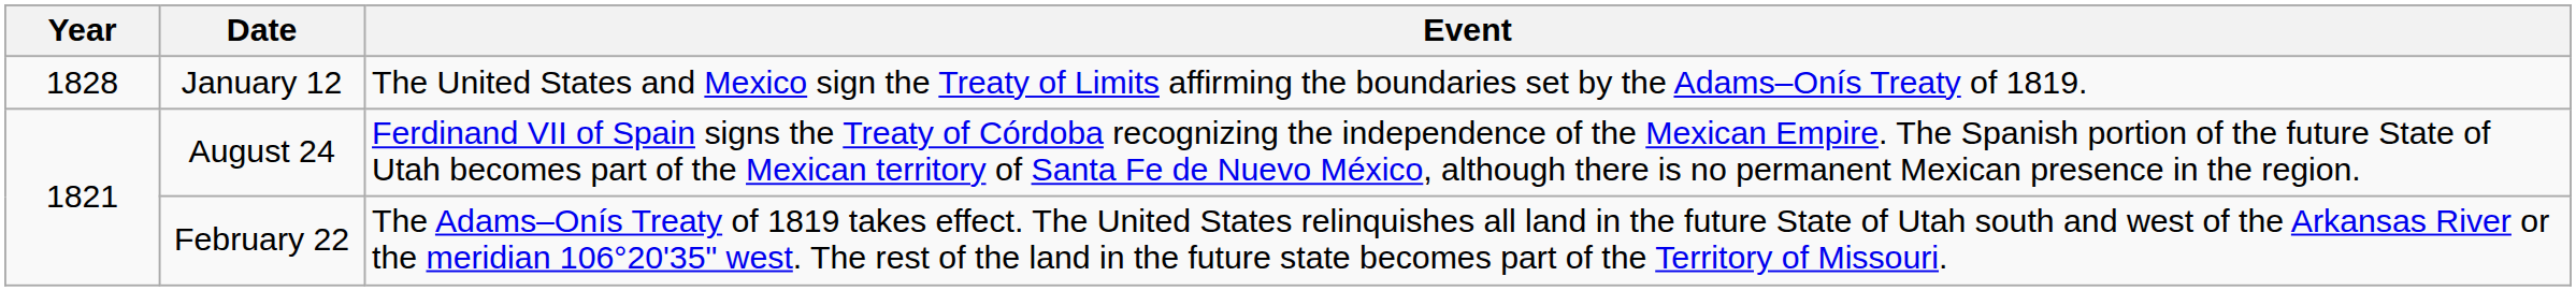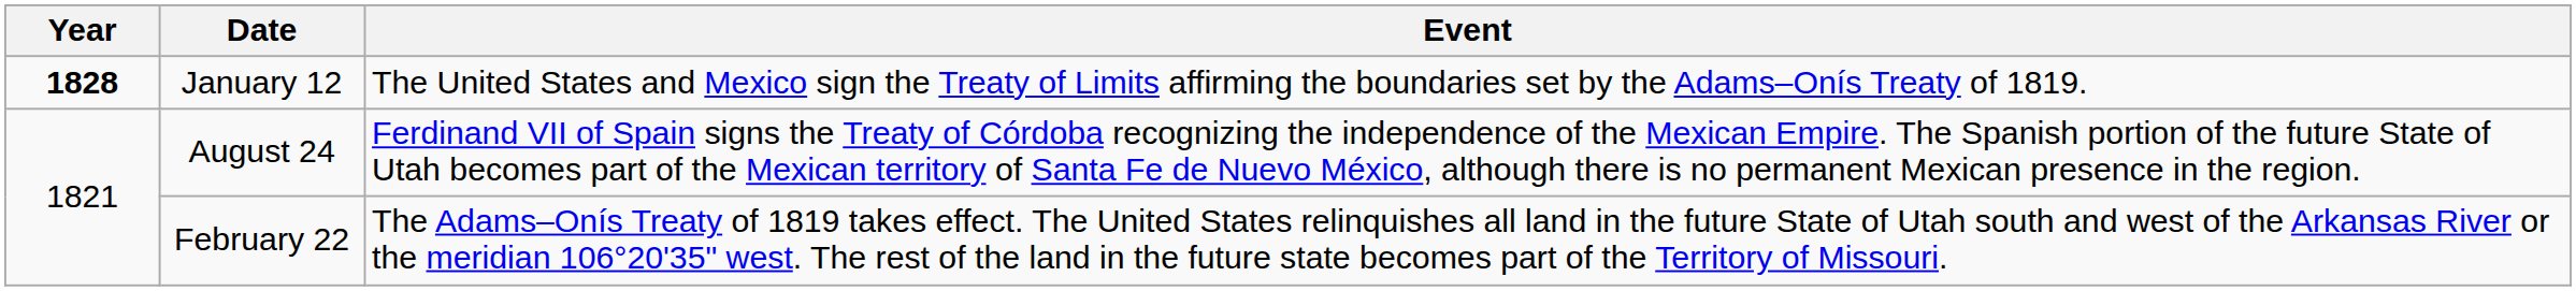 <table class="wikitable" style="width:100%;">
 <tr>
 <th style="width:6%">Year</th>
 <th style="width:8%">Date</th>
 <th style="width:86%">Event</th>
 </tr>
 <tr>
-<td align=center rowspan=1>1828</td>
+<td align=center rowspan=1><strong>1828</strong></td>
 <td align=center>January 12</td>
 <td>The United States and <a href='#'>Mexico</a> sign the <a href='#'>Treaty of Limits</a> affirming the boundaries set by the <a href='#'>Adams–Onís Treaty</a> of 1819.</td>
 </tr>
 <tr>
 <td align=center rowspan=2>1821</td>
 <td align=center>August 24</td>
 <td><a href='#'>Ferdinand VII of Spain</a> signs the <a href='#'>Treaty of Córdoba</a> recognizing the independence of the <a href='#'>Mexican Empire</a>. The Spanish portion of the future State of Utah becomes part of the <a href='#'>Mexican territory</a> of <a href='#'>Santa Fe de Nuevo México</a>, although there is no permanent Mexican presence in the region.</td>
 </tr>
 <tr>
 <td align=center>February 22</td>
 <td>The <a href='#'>Adams–Onís Treaty</a> of 1819 takes effect.  The United States relinquishes all land in the future State of Utah south and west of the <a href='#'>Arkansas River</a> or the <a href='#'>meridian 106°20'35" west</a>.  The rest of the land in the future state becomes part of the <a href='#'>Territory of Missouri</a>.</td>
 </tr>
 </table>
